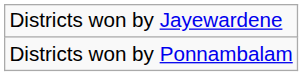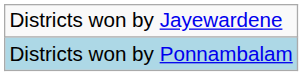 <table class="wikitable">
 <tr>
 <td>Districts won by <a href='#'>Jayewardene</a></td>
 </tr>
 <tr>
-<td>Districts won by <a href='#'>Ponnambalam</a></td>
+<td style="background: lightblue;">Districts won by <a href='#'>Ponnambalam</a></td>
 </tr>
 </table>
